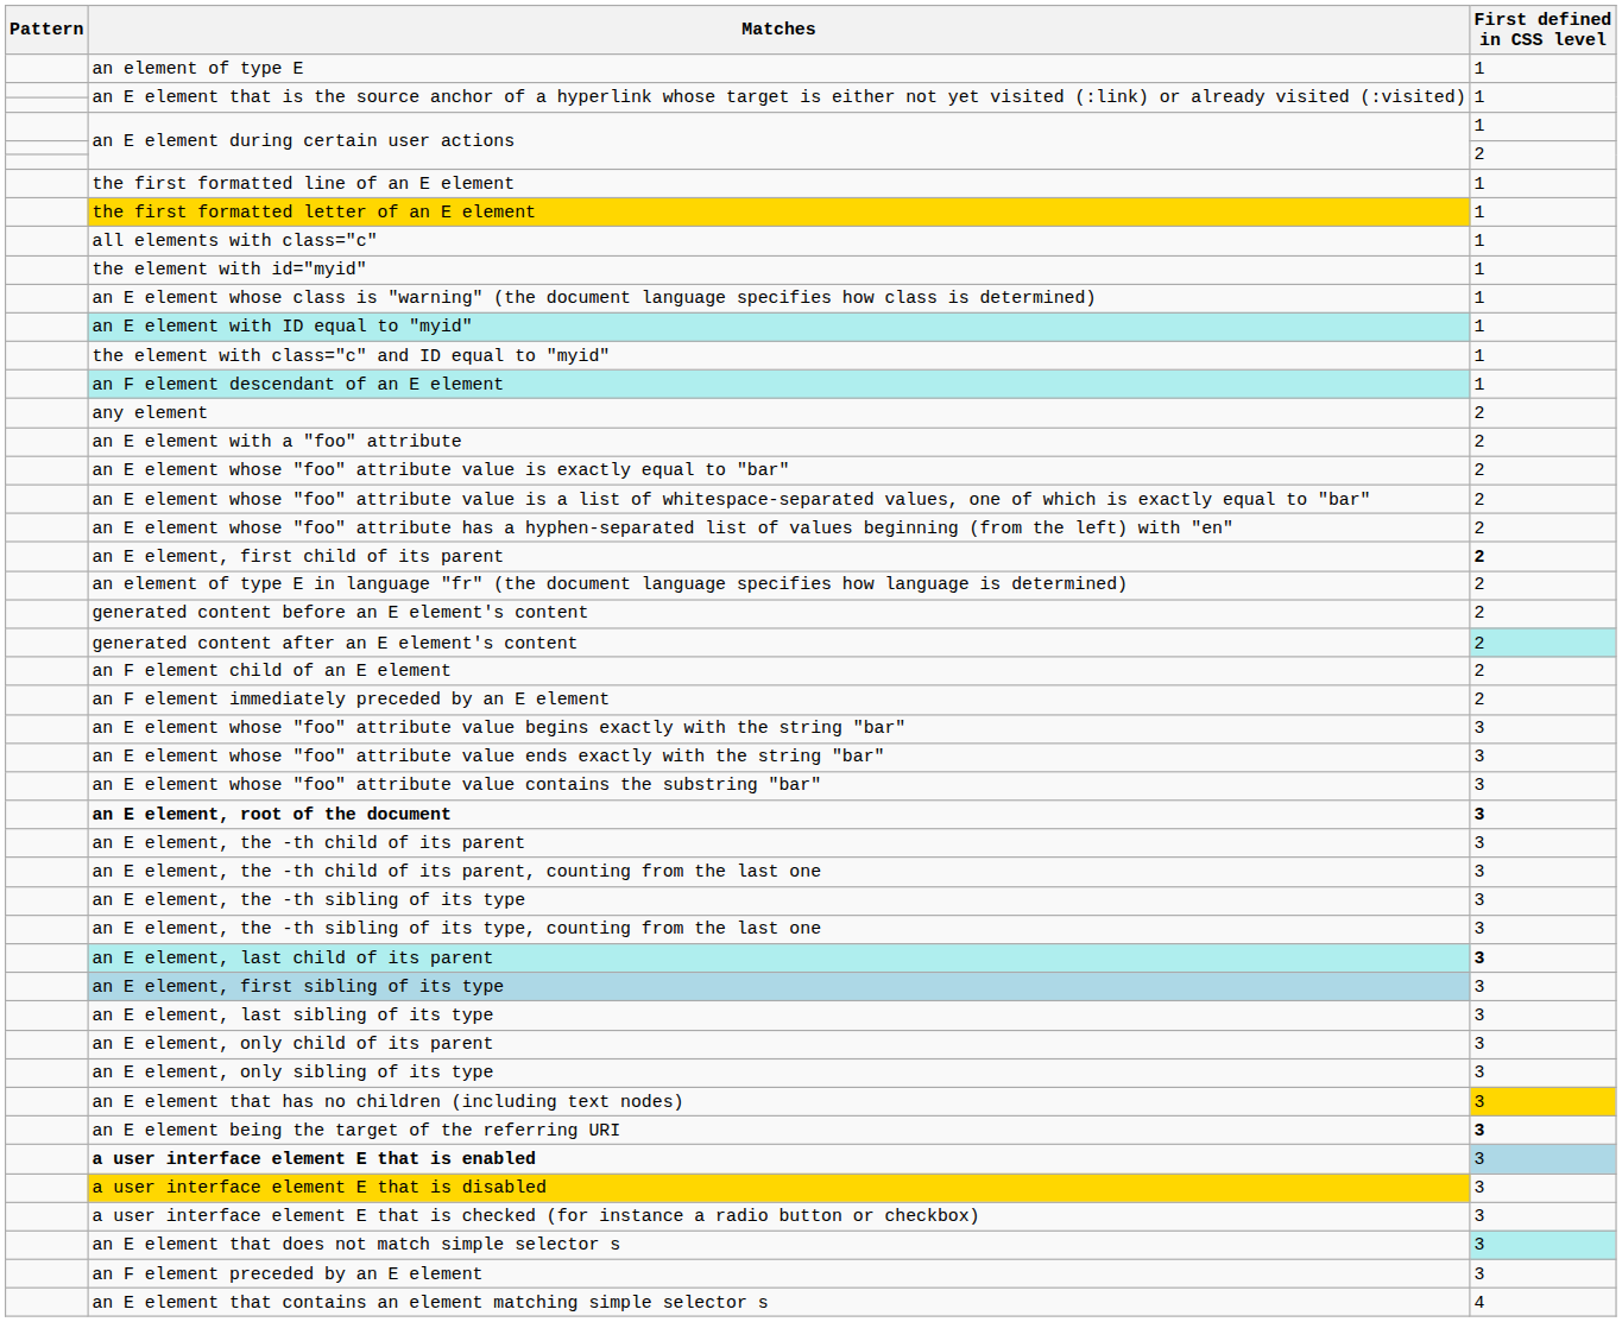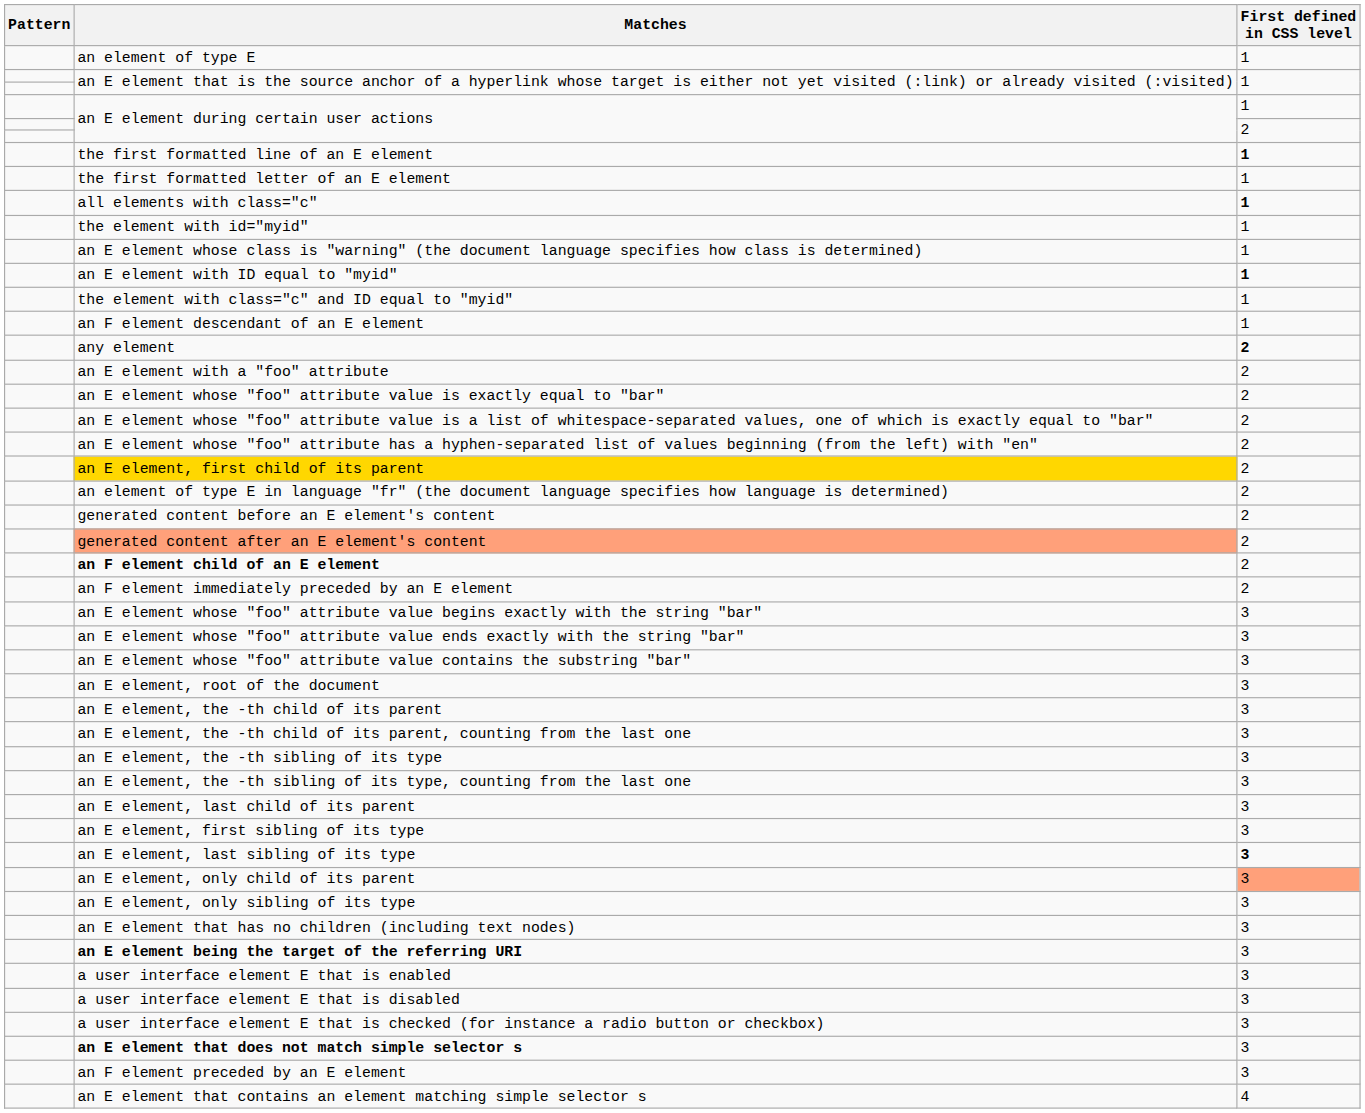 <table class="wikitable">
 <tr>
 <th>Pattern</th>
 <th>Matches</th>
 <th>First defined<br>in CSS level</th>
 </tr>
 <tr>
 <td></td>
 <td>an element of type E</td>
 <td>1</td>
 </tr>
 <tr>
 <td></td>
 <td rowspan=2>an E element that is the source anchor of a hyperlink whose target is either not yet visited (:link) or already visited (:visited)</td>
 <td rowspan=2>1</td>
 </tr>
 <tr>
 <td></td>
 </tr>
 <tr>
 <td></td>
 <td rowspan=3>an E element during certain user actions</td>
 <td>1</td>
 </tr>
 <tr>
 <td></td>
 <td rowspan=2>2</td>
 </tr>
 <tr>
 <td></td>
 </tr>
 <tr>
 <td></td>
 <td>the first formatted line of an E element</td>
-<td>1</td>
+<td><strong>1</strong></td>
 </tr>
 <tr>
 <td></td>
-<td style="background: gold;">the first formatted letter of an E element</td>
+<td>the first formatted letter of an E element</td>
 <td>1</td>
 </tr>
 <tr>
 <td></td>
 <td>all elements with class="c"</td>
-<td>1</td>
+<td><strong>1</strong></td>
 </tr>
 <tr>
 <td></td>
 <td>the element with id="myid"</td>
 <td>1</td>
 </tr>
 <tr>
 <td></td>
 <td>an E element whose class is "warning" (the document language specifies how class is determined)</td>
 <td>1</td>
 </tr>
 <tr>
 <td></td>
-<td style="background: paleturquoise;">an E element with ID equal to "myid"</td>
-<td>1</td>
+<td>an E element with ID equal to "myid"</td>
+<td><strong>1</strong></td>
 </tr>
 <tr>
 <td></td>
 <td>the element with class="c" and ID equal to "myid"</td>
 <td>1</td>
 </tr>
 <tr>
 <td></td>
-<td style="background: paleturquoise;">an F element descendant of an E element</td>
+<td>an F element descendant of an E element</td>
 <td>1</td>
 </tr>
 <tr>
 <td></td>
 <td>any element</td>
-<td>2</td>
+<td><strong>2</strong></td>
 </tr>
 <tr>
 <td></td>
 <td>an E element with a "foo" attribute</td>
 <td>2</td>
 </tr>
 <tr>
 <td></td>
 <td>an E element whose "foo" attribute value is exactly equal to "bar"</td>
 <td>2</td>
 </tr>
 <tr>
 <td></td>
 <td>an E element whose "foo" attribute value is a list of whitespace-separated values, one of which is exactly equal to "bar"</td>
 <td>2</td>
 </tr>
 <tr>
 <td></td>
 <td>an E element whose "foo" attribute has a hyphen-separated list of values beginning (from the left) with "en"</td>
 <td>2</td>
 </tr>
 <tr>
 <td></td>
-<td>an E element, first child of its parent</td>
-<td><strong>2</strong></td>
+<td style="background: gold;">an E element, first child of its parent</td>
+<td>2</td>
 </tr>
 <tr>
 <td></td>
 <td>an element of type E in language "fr" (the document language specifies how language is determined)</td>
 <td>2</td>
 </tr>
 <tr>
 <td></td>
 <td>generated content before an E element's content</td>
 <td>2</td>
 </tr>
 <tr>
 <td></td>
-<td>generated content after an E element's content</td>
-<td style="background: paleturquoise;">2</td>
+<td style="background: lightsalmon;">generated content after an E element's content</td>
+<td>2</td>
 </tr>
 <tr>
 <td></td>
-<td>an F element child of an E element</td>
+<td><strong>an F element child of an E element</strong></td>
 <td>2</td>
 </tr>
 <tr>
 <td></td>
 <td>an F element immediately preceded by an E element</td>
 <td>2</td>
 </tr>
 <tr>
 <td></td>
 <td>an E element whose "foo" attribute value begins exactly with the string "bar"</td>
 <td>3</td>
 </tr>
 <tr>
 <td></td>
 <td>an E element whose "foo" attribute value ends exactly with the string "bar"</td>
 <td>3</td>
 </tr>
 <tr>
 <td></td>
 <td>an E element whose "foo" attribute value contains the substring "bar"</td>
 <td>3</td>
 </tr>
 <tr>
 <td></td>
-<td><strong>an E element, root of the document</strong></td>
-<td><strong>3</strong></td>
+<td>an E element, root of the document</td>
+<td>3</td>
 </tr>
 <tr>
 <td></td>
 <td>an E element, the -th child of its parent</td>
 <td>3</td>
 </tr>
 <tr>
 <td></td>
 <td>an E element, the -th child of its parent, counting from the last one</td>
 <td>3</td>
 </tr>
 <tr>
 <td></td>
 <td>an E element, the -th sibling of its type</td>
 <td>3</td>
 </tr>
 <tr>
 <td></td>
 <td>an E element, the -th sibling of its type, counting from the last one</td>
 <td>3</td>
 </tr>
 <tr>
 <td></td>
-<td style="background: paleturquoise;">an E element, last child of its parent</td>
-<td><strong>3</strong></td>
+<td>an E element, last child of its parent</td>
+<td>3</td>
 </tr>
 <tr>
 <td></td>
-<td style="background: lightblue;">an E element, first sibling of its type</td>
+<td>an E element, first sibling of its type</td>
 <td>3</td>
 </tr>
 <tr>
 <td></td>
 <td>an E element, last sibling of its type</td>
-<td>3</td>
+<td><strong>3</strong></td>
 </tr>
 <tr>
 <td></td>
 <td>an E element, only child of its parent</td>
-<td>3</td>
+<td style="background: lightsalmon;">3</td>
 </tr>
 <tr>
 <td></td>
 <td>an E element, only sibling of its type</td>
 <td>3</td>
 </tr>
 <tr>
 <td></td>
 <td>an E element that has no children (including text nodes)</td>
-<td style="background: gold;">3</td>
+<td>3</td>
 </tr>
 <tr>
 <td></td>
-<td>an E element being the target of the referring URI</td>
-<td><strong>3</strong></td>
+<td><strong>an E element being the target of the referring URI</strong></td>
+<td>3</td>
 </tr>
 <tr>
 <td></td>
-<td><strong>a user interface element E that is enabled</strong></td>
-<td style="background: lightblue;">3</td>
+<td>a user interface element E that is enabled</td>
+<td>3</td>
 </tr>
 <tr>
 <td></td>
-<td style="background: gold;">a user interface element E that is disabled</td>
+<td>a user interface element E that is disabled</td>
 <td>3</td>
 </tr>
 <tr>
 <td></td>
 <td>a user interface element E that is checked (for instance a radio button or checkbox)</td>
 <td>3</td>
 </tr>
 <tr>
 <td></td>
-<td>an E element that does not match simple selector s</td>
-<td style="background: paleturquoise;">3</td>
+<td><strong>an E element that does not match simple selector s</strong></td>
+<td>3</td>
 </tr>
 <tr>
 <td></td>
 <td>an F element preceded by an E element</td>
 <td>3</td>
 </tr>
 <tr>
 <td></td>
 <td>an E element that contains an element matching simple selector s</td>
 <td>4</td>
 </tr>
 </table>
